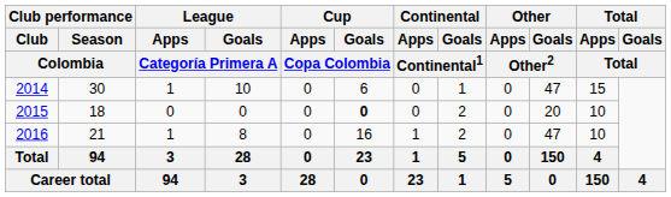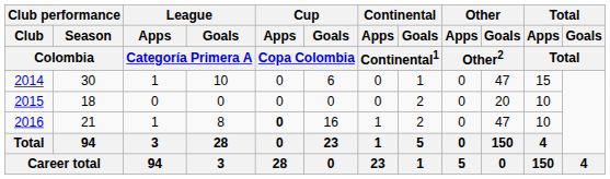 <table class="wikitable" style="text-align:center">
 <tr>
 <th colspan=2>Club performance</th>
 <th colspan=2>League</th>
 <th colspan=2>Cup</th>
 <th colspan=2>Continental</th>
 <th colspan=2>Other</th>
 <th colspan=2>Total</th>
 </tr>
 <tr>
 <th>Club</th>
 <th>Season</th>
 <th>Apps</th>
 <th>Goals</th>
 <th>Apps</th>
 <th>Goals</th>
 <th>Apps</th>
 <th>Goals</th>
 <th>Apps</th>
 <th>Goals</th>
 <th>Apps</th>
 <th>Goals</th>
 </tr>
 <tr>
 <th colspan=2>Colombia</th>
 <th colspan=2><a href='#'>Categoría Primera A</a></th>
 <th colspan=2><a href='#'>Copa Colombia</a></th>
 <th colspan=2>Continental<sup>1</sup></th>
 <th colspan=2>Other<sup>2</sup></th>
 <th colspan=2>Total</th>
 </tr>
 <tr>
 <td><a href='#'>2014</a></td>
 <td>30</td>
 <td>1</td>
 <td>10</td>
 <td>0</td>
 <td>6</td>
 <td>0</td>
 <td>1</td>
 <td>0</td>
 <td>47</td>
 <td>15</td>
 </tr>
 <tr>
 <td><a href='#'>2015</a></td>
 <td>18</td>
 <td>0</td>
 <td>0</td>
 <td>0</td>
-<td><strong>0</strong></td>
+<td>0</td>
 <td>0</td>
 <td>2</td>
 <td>0</td>
 <td>20</td>
 <td>10</td>
 </tr>
 <tr>
 <td><a href='#'>2016</a></td>
 <td>21</td>
 <td>1</td>
 <td>8</td>
-<td>0</td>
+<td><strong>0</strong></td>
 <td>16</td>
 <td>1</td>
 <td>2</td>
 <td>0</td>
 <td>47</td>
 <td>10</td>
 </tr>
 <tr>
 <th rowspan=1>Total</th>
 <th>94</th>
 <th>3</th>
 <th>28</th>
 <th>0</th>
 <th>23</th>
 <th>1</th>
 <th>5</th>
 <th>0</th>
 <th>150</th>
 <th>4</th>
 </tr>
 <tr>
 <th colspan=2>Career total</th>
 <th>94</th>
 <th>3</th>
 <th>28</th>
 <th>0</th>
 <th>23</th>
 <th>1</th>
 <th>5</th>
 <th>0</th>
 <th>150</th>
 <th>4</th>
 </tr>
 </table>
